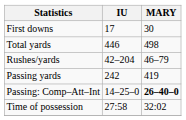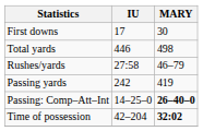 <table class="wikitable" style="float: left;">
 <tr>
 <th>Statistics</th>
 <th>IU</th>
 <th>MARY</th>
 </tr>
 <tr>
 <td>First downs</td>
 <td>17</td>
 <td>30</td>
 </tr>
 <tr>
 <td>Total yards</td>
 <td>446</td>
 <td>498</td>
 </tr>
 <tr>
 <td>Rushes/yards</td>
-<td>42–204</td>
+<td>27:58</td>
 <td>46–79</td>
 </tr>
 <tr>
 <td>Passing yards</td>
 <td>242</td>
 <td>419</td>
 </tr>
 <tr>
 <td>Passing: Comp–Att–Int</td>
 <td>14–25–0</td>
 <td><strong>26–40–0</strong></td>
 </tr>
 <tr>
 <td>Time of possession</td>
-<td>27:58</td>
-<td>32:02</td>
+<td>42–204</td>
+<td><strong>32:02</strong></td>
 </tr>
 <tr>
 </tr>
 </table>
